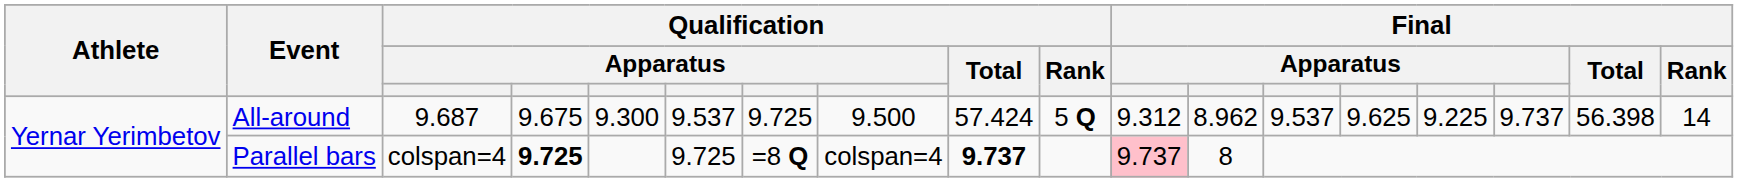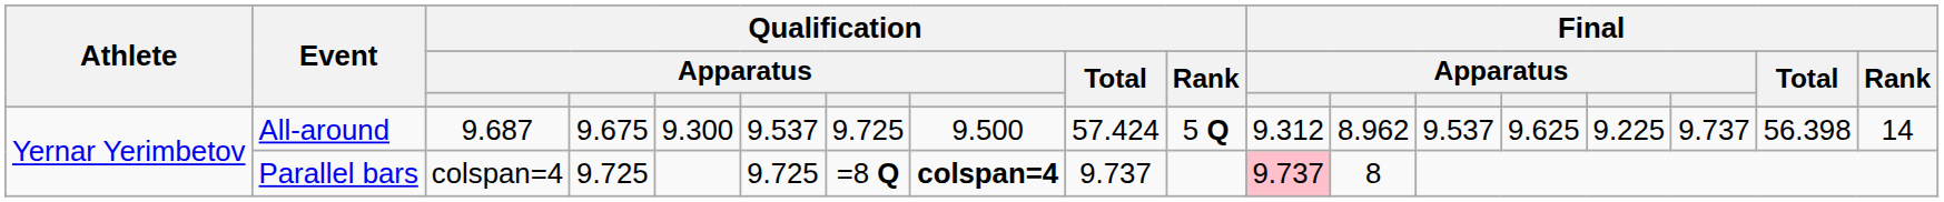 <table class="wikitable" style="font-size:90%">
 <tr>
 <th rowspan=3>Athlete</th>
 <th rowspan=3>Event</th>
 <th colspan =8>Qualification</th>
 <th colspan =8>Final</th>
 </tr>
 <tr style="font-size:95%">
 <th colspan=6>Apparatus</th>
 <th rowspan=2>Total</th>
 <th rowspan=2>Rank</th>
 <th colspan=6>Apparatus</th>
 <th rowspan=2>Total</th>
 <th rowspan=2>Rank</th>
 </tr>
 <tr style="font-size:95%">
 <th></th>
 <th></th>
 <th></th>
 <th></th>
 <th></th>
 <th></th>
 <th></th>
 <th></th>
 <th></th>
 <th></th>
 <th></th>
 <th></th>
 </tr>
 <tr align=center>
 <td align=left rowspan=2><a href='#'>Yernar Yerimbetov</a></td>
 <td align=left><a href='#'>All-around</a></td>
 <td>9.687</td>
 <td>9.675</td>
 <td>9.300</td>
 <td>9.537</td>
 <td>9.725</td>
 <td>9.500</td>
 <td>57.424</td>
 <td>5 <strong>Q</strong></td>
 <td>9.312</td>
 <td>8.962</td>
 <td>9.537</td>
 <td>9.625</td>
 <td>9.225</td>
 <td>9.737</td>
 <td>56.398</td>
 <td>14</td>
 </tr>
 <tr align=center>
 <td align=left><a href='#'>Parallel bars</a></td>
 <td>colspan=4 </td>
-<td><strong>9.725</strong></td>
+<td>9.725</td>
 <td></td>
 <td>9.725</td>
 <td>=8 <strong>Q</strong></td>
-<td>colspan=4 </td>
-<td><strong>9.737</strong></td>
+<td><strong>colspan=4 </strong></td>
+<td>9.737</td>
 <td></td>
 <td style="background: pink;">9.737</td>
 <td>8</td>
 </tr>
 </table>
